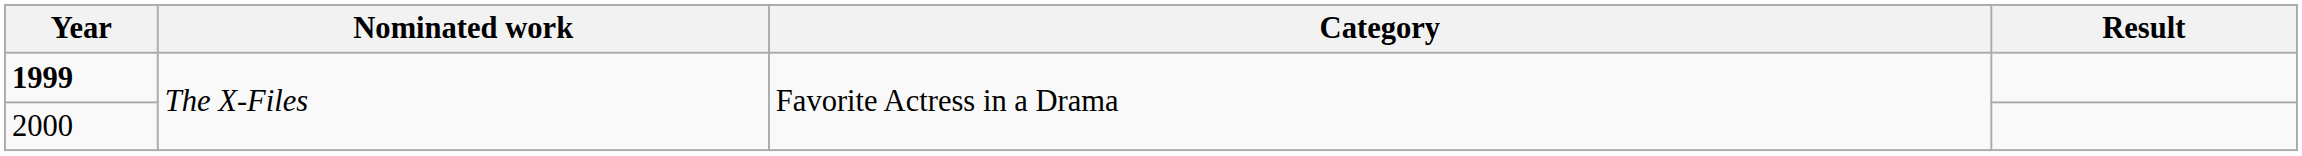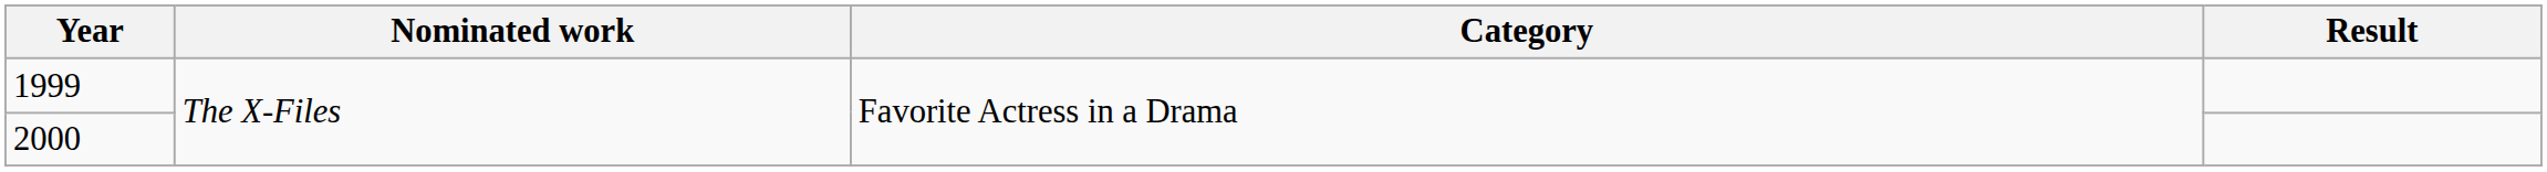 <table style="width:95%;" class="wikitable sortable">
 <tr>
 <th style="width:5%;">Year</th>
 <th style="width:20%;">Nominated work</th>
 <th style="width:40%;">Category</th>
 <th style="width:10%;">Result</th>
 </tr>
 <tr>
-<td><strong>1999</strong></td>
+<td>1999</td>
 <td rowspan="2"><em>The X-Files</em></td>
 <td rowspan="2">Favorite Actress in a Drama</td>
 <td></td>
 </tr>
 <tr>
 <td>2000</td>
 <td></td>
 </tr>
 </table>
